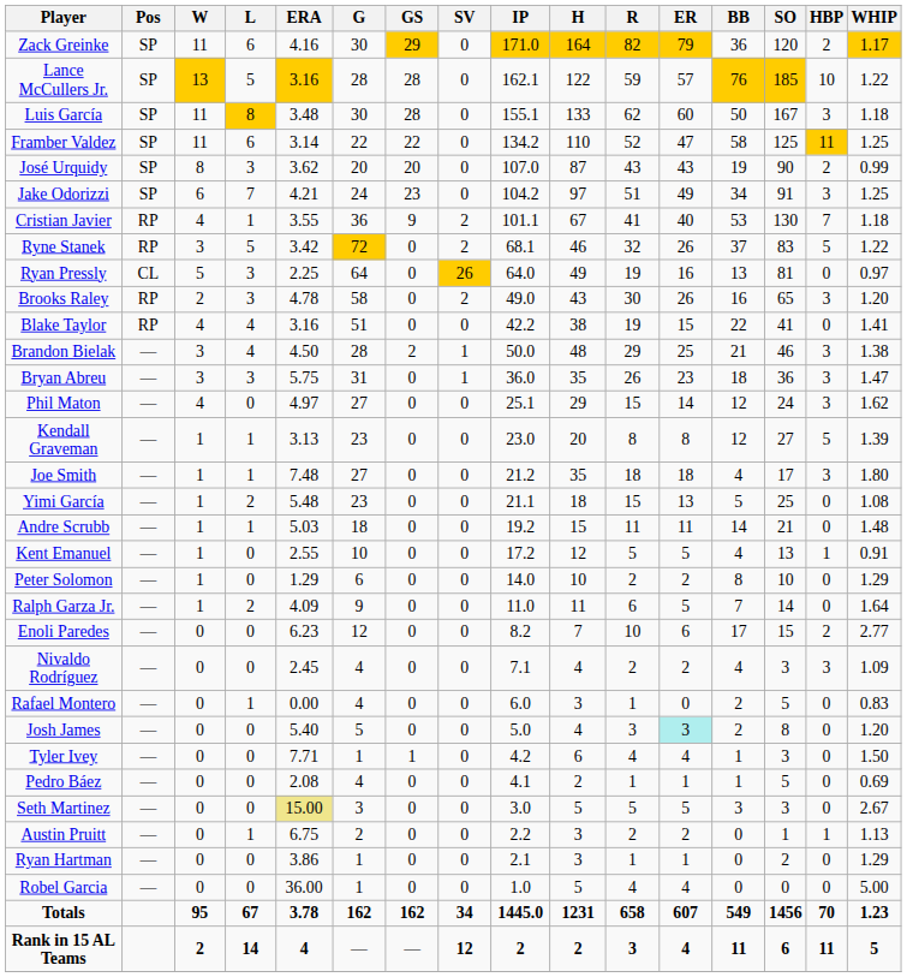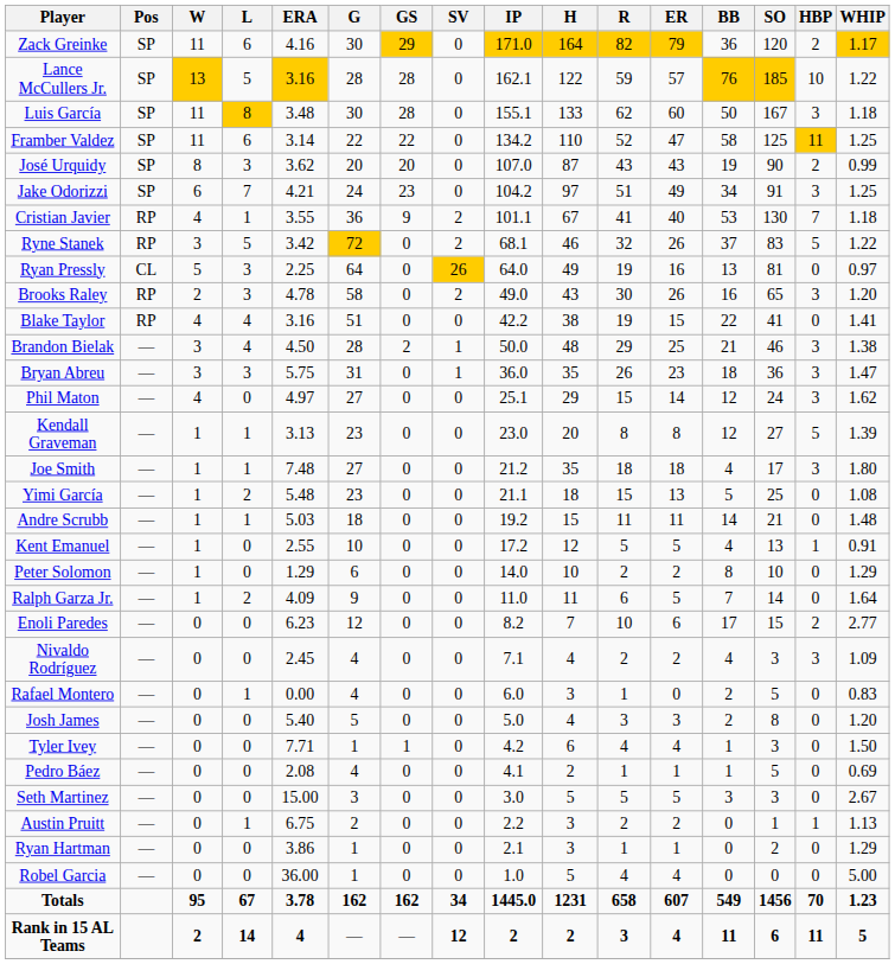 <table class=wikitable style="text-align:center">
 <tr>
 <th bgcolor=#DDDDFF; width=15%>Player</th>
 <th bgcolor=#DDDDFF; width=7%>Pos</th>
 <th bgcolor=#DDDDFF; width=7%>W</th>
 <th bgcolor=#DDDDFF; width=7%>L</th>
 <th bgcolor=#DDDDFF; width=7%>ERA</th>
 <th bgcolor=#DDDDFF; width=7%>G</th>
 <th bgcolor=#DDDDFF; width=7%>GS</th>
 <th bgcolor=#DDDDFF; width=7%>SV</th>
 <th bgcolor=#DDDDFF; width=7%>IP</th>
 <th bgcolor=#DDDDFF; width=7%>H</th>
 <th bgcolor=#DDDDFF; width=7%>R</th>
 <th bgcolor=#DDDDFF; width=7%>ER</th>
 <th bgcolor=#DDDDFF; width=7%>BB</th>
 <th bgcolor=#DDDDFF; width=7%>SO</th>
 <th bgcolor=#DDDDFF; width=7%>HBP</th>
 <th bgcolor=#DDDDFF; width=7%>WHIP</th>
 </tr>
 <tr>
 <td><a href='#'>Zack Greinke</a></td>
 <td>SP</td>
 <td>11</td>
 <td>6</td>
 <td>4.16</td>
 <td>30</td>
 <td bgcolor=#ffcc00>29</td>
 <td>0</td>
 <td bgcolor=#ffcc00>171.0</td>
 <td bgcolor=#ffcc00>164</td>
 <td bgcolor=#ffcc00>82</td>
 <td bgcolor=#ffcc00>79</td>
 <td>36</td>
 <td>120</td>
 <td>2</td>
 <td bgcolor=#ffcc00>1.17</td>
 </tr>
 <tr>
 <td><a href='#'>Lance McCullers Jr.</a></td>
 <td>SP</td>
 <td bgcolor=#ffcc00>13</td>
 <td>5</td>
 <td bgcolor=ffcc00>3.16</td>
 <td>28</td>
 <td>28</td>
 <td>0</td>
 <td>162.1</td>
 <td>122</td>
 <td>59</td>
 <td>57</td>
 <td bgcolor=#ffcc00>76</td>
 <td bgcolor=#ffcc00>185</td>
 <td>10</td>
 <td>1.22</td>
 </tr>
 <tr>
 <td><a href='#'>Luis García</a></td>
 <td>SP</td>
 <td>11</td>
 <td bgcolor=ffcc00>8</td>
 <td>3.48</td>
 <td>30</td>
 <td>28</td>
 <td>0</td>
 <td>155.1</td>
 <td>133</td>
 <td>62</td>
 <td>60</td>
 <td>50</td>
 <td>167</td>
 <td>3</td>
 <td>1.18</td>
 </tr>
 <tr>
 <td><a href='#'>Framber Valdez</a></td>
 <td>SP</td>
 <td>11</td>
 <td>6</td>
 <td>3.14</td>
 <td>22</td>
 <td>22</td>
 <td>0</td>
 <td>134.2</td>
 <td>110</td>
 <td>52</td>
 <td>47</td>
 <td>58</td>
 <td>125</td>
 <td bgcolor=#ffcc00>11</td>
 <td>1.25</td>
 </tr>
 <tr>
 <td><a href='#'>José Urquidy</a></td>
 <td>SP</td>
 <td>8</td>
 <td>3</td>
 <td>3.62</td>
 <td>20</td>
 <td>20</td>
 <td>0</td>
 <td>107.0</td>
 <td>87</td>
 <td>43</td>
 <td>43</td>
 <td>19</td>
 <td>90</td>
 <td>2</td>
 <td>0.99</td>
 </tr>
 <tr>
 <td><a href='#'>Jake Odorizzi</a></td>
 <td>SP</td>
 <td>6</td>
 <td>7</td>
 <td>4.21</td>
 <td>24</td>
 <td>23</td>
 <td>0</td>
 <td>104.2</td>
 <td>97</td>
 <td>51</td>
 <td>49</td>
 <td>34</td>
 <td>91</td>
 <td>3</td>
 <td>1.25</td>
 </tr>
 <tr>
 <td><a href='#'>Cristian Javier</a></td>
 <td>RP</td>
 <td>4</td>
 <td>1</td>
 <td>3.55</td>
 <td>36</td>
 <td>9</td>
 <td>2</td>
 <td>101.1</td>
 <td>67</td>
 <td>41</td>
 <td>40</td>
 <td>53</td>
 <td>130</td>
 <td>7</td>
 <td>1.18</td>
 </tr>
 <tr>
 <td><a href='#'>Ryne Stanek</a></td>
 <td>RP</td>
 <td>3</td>
 <td>5</td>
 <td>3.42</td>
 <td bgcolor=#ffcc00>72</td>
 <td>0</td>
 <td>2</td>
 <td>68.1</td>
 <td>46</td>
 <td>32</td>
 <td>26</td>
 <td>37</td>
 <td>83</td>
 <td>5</td>
 <td>1.22</td>
 </tr>
 <tr>
 <td><a href='#'>Ryan Pressly</a></td>
 <td>CL</td>
 <td>5</td>
 <td>3</td>
 <td>2.25</td>
 <td>64</td>
 <td>0</td>
 <td bgcolor=#ffcc00>26</td>
 <td>64.0</td>
 <td>49</td>
 <td>19</td>
 <td>16</td>
 <td>13</td>
 <td>81</td>
 <td>0</td>
 <td>0.97</td>
 </tr>
 <tr>
 <td><a href='#'>Brooks Raley</a></td>
 <td>RP</td>
 <td>2</td>
 <td>3</td>
 <td>4.78</td>
 <td>58</td>
 <td>0</td>
 <td>2</td>
 <td>49.0</td>
 <td>43</td>
 <td>30</td>
 <td>26</td>
 <td>16</td>
 <td>65</td>
 <td>3</td>
 <td>1.20</td>
 </tr>
 <tr>
 <td><a href='#'>Blake Taylor</a></td>
 <td>RP</td>
 <td>4</td>
 <td>4</td>
 <td>3.16</td>
 <td>51</td>
 <td>0</td>
 <td>0</td>
 <td>42.2</td>
 <td>38</td>
 <td>19</td>
 <td>15</td>
 <td>22</td>
 <td>41</td>
 <td>0</td>
 <td>1.41</td>
 </tr>
 <tr>
 <td><a href='#'>Brandon Bielak</a></td>
 <td>—</td>
 <td>3</td>
 <td>4</td>
 <td>4.50</td>
 <td>28</td>
 <td>2</td>
 <td>1</td>
 <td>50.0</td>
 <td>48</td>
 <td>29</td>
 <td>25</td>
 <td>21</td>
 <td>46</td>
 <td>3</td>
 <td>1.38</td>
 </tr>
 <tr>
 <td><a href='#'>Bryan Abreu</a></td>
 <td>—</td>
 <td>3</td>
 <td>3</td>
 <td>5.75</td>
 <td>31</td>
 <td>0</td>
 <td>1</td>
 <td>36.0</td>
 <td>35</td>
 <td>26</td>
 <td>23</td>
 <td>18</td>
 <td>36</td>
 <td>3</td>
 <td>1.47</td>
 </tr>
 <tr>
 <td><a href='#'>Phil Maton</a></td>
 <td>—</td>
 <td>4</td>
 <td>0</td>
 <td>4.97</td>
 <td>27</td>
 <td>0</td>
 <td>0</td>
 <td>25.1</td>
 <td>29</td>
 <td>15</td>
 <td>14</td>
 <td>12</td>
 <td>24</td>
 <td>3</td>
 <td>1.62</td>
 </tr>
 <tr>
 <td><a href='#'>Kendall Graveman</a></td>
 <td>—</td>
 <td>1</td>
 <td>1</td>
 <td>3.13</td>
 <td>23</td>
 <td>0</td>
 <td>0</td>
 <td>23.0</td>
 <td>20</td>
 <td>8</td>
 <td>8</td>
 <td>12</td>
 <td>27</td>
 <td>5</td>
 <td>1.39</td>
 </tr>
 <tr>
 <td><a href='#'>Joe Smith</a></td>
 <td>—</td>
 <td>1</td>
 <td>1</td>
 <td>7.48</td>
 <td>27</td>
 <td>0</td>
 <td>0</td>
 <td>21.2</td>
 <td>35</td>
 <td>18</td>
 <td>18</td>
 <td>4</td>
 <td>17</td>
 <td>3</td>
 <td>1.80</td>
 </tr>
 <tr>
 <td><a href='#'>Yimi García</a></td>
 <td>—</td>
 <td>1</td>
 <td>2</td>
 <td>5.48</td>
 <td>23</td>
 <td>0</td>
 <td>0</td>
 <td>21.1</td>
 <td>18</td>
 <td>15</td>
 <td>13</td>
 <td>5</td>
 <td>25</td>
 <td>0</td>
 <td>1.08</td>
 </tr>
 <tr>
 <td><a href='#'>Andre Scrubb</a></td>
 <td>—</td>
 <td>1</td>
 <td>1</td>
 <td>5.03</td>
 <td>18</td>
 <td>0</td>
 <td>0</td>
 <td>19.2</td>
 <td>15</td>
 <td>11</td>
 <td>11</td>
 <td>14</td>
 <td>21</td>
 <td>0</td>
 <td>1.48</td>
 </tr>
 <tr>
 <td><a href='#'>Kent Emanuel</a></td>
 <td>—</td>
 <td>1</td>
 <td>0</td>
 <td>2.55</td>
 <td>10</td>
 <td>0</td>
 <td>0</td>
 <td>17.2</td>
 <td>12</td>
 <td>5</td>
 <td>5</td>
 <td>4</td>
 <td>13</td>
 <td>1</td>
 <td>0.91</td>
 </tr>
 <tr>
 <td><a href='#'>Peter Solomon</a></td>
 <td>—</td>
 <td>1</td>
 <td>0</td>
 <td>1.29</td>
 <td>6</td>
 <td>0</td>
 <td>0</td>
 <td>14.0</td>
 <td>10</td>
 <td>2</td>
 <td>2</td>
 <td>8</td>
 <td>10</td>
 <td>0</td>
 <td>1.29</td>
 </tr>
 <tr>
 <td><a href='#'>Ralph Garza Jr.</a></td>
 <td>—</td>
 <td>1</td>
 <td>2</td>
 <td>4.09</td>
 <td>9</td>
 <td>0</td>
 <td>0</td>
 <td>11.0</td>
 <td>11</td>
 <td>6</td>
 <td>5</td>
 <td>7</td>
 <td>14</td>
 <td>0</td>
 <td>1.64</td>
 </tr>
 <tr>
 <td><a href='#'>Enoli Paredes</a></td>
 <td>—</td>
 <td>0</td>
 <td>0</td>
 <td>6.23</td>
 <td>12</td>
 <td>0</td>
 <td>0</td>
 <td>8.2</td>
 <td>7</td>
 <td>10</td>
 <td>6</td>
 <td>17</td>
 <td>15</td>
 <td>2</td>
 <td>2.77</td>
 </tr>
 <tr>
 <td><a href='#'>Nivaldo Rodríguez</a></td>
 <td>—</td>
 <td>0</td>
 <td>0</td>
 <td>2.45</td>
 <td>4</td>
 <td>0</td>
 <td>0</td>
 <td>7.1</td>
 <td>4</td>
 <td>2</td>
 <td>2</td>
 <td>4</td>
 <td>3</td>
 <td>3</td>
 <td>1.09</td>
 </tr>
 <tr>
 <td><a href='#'>Rafael Montero</a></td>
 <td>—</td>
 <td>0</td>
 <td>1</td>
 <td>0.00</td>
 <td>4</td>
 <td>0</td>
 <td>0</td>
 <td>6.0</td>
 <td>3</td>
 <td>1</td>
 <td>0</td>
 <td>2</td>
 <td>5</td>
 <td>0</td>
 <td>0.83</td>
 </tr>
 <tr>
 <td><a href='#'>Josh James</a></td>
 <td>—</td>
 <td>0</td>
 <td>0</td>
 <td>5.40</td>
 <td>5</td>
 <td>0</td>
 <td>0</td>
 <td>5.0</td>
 <td>4</td>
 <td>3</td>
-<td style="background: paleturquoise;">3</td>
+<td>3</td>
 <td>2</td>
 <td>8</td>
 <td>0</td>
 <td>1.20</td>
 </tr>
 <tr>
 <td><a href='#'>Tyler Ivey</a></td>
 <td>—</td>
 <td>0</td>
 <td>0</td>
 <td>7.71</td>
 <td>1</td>
 <td>1</td>
 <td>0</td>
 <td>4.2</td>
 <td>6</td>
 <td>4</td>
 <td>4</td>
 <td>1</td>
 <td>3</td>
 <td>0</td>
 <td>1.50</td>
 </tr>
 <tr>
 <td><a href='#'>Pedro Báez</a></td>
 <td>—</td>
 <td>0</td>
 <td>0</td>
 <td>2.08</td>
 <td>4</td>
 <td>0</td>
 <td>0</td>
 <td>4.1</td>
 <td>2</td>
 <td>1</td>
 <td>1</td>
 <td>1</td>
 <td>5</td>
 <td>0</td>
 <td>0.69</td>
 </tr>
 <tr>
 <td><a href='#'>Seth Martinez</a></td>
 <td>—</td>
 <td>0</td>
 <td>0</td>
-<td style="background: khaki;">15.00</td>
+<td>15.00</td>
 <td>3</td>
 <td>0</td>
 <td>0</td>
 <td>3.0</td>
 <td>5</td>
 <td>5</td>
 <td>5</td>
 <td>3</td>
 <td>3</td>
 <td>0</td>
 <td>2.67</td>
 </tr>
 <tr>
 <td><a href='#'>Austin Pruitt</a></td>
 <td>—</td>
 <td>0</td>
 <td>1</td>
 <td>6.75</td>
 <td>2</td>
 <td>0</td>
 <td>0</td>
 <td>2.2</td>
 <td>3</td>
 <td>2</td>
 <td>2</td>
 <td>0</td>
 <td>1</td>
 <td>1</td>
 <td>1.13</td>
 </tr>
 <tr>
 <td><a href='#'>Ryan Hartman</a></td>
 <td>—</td>
 <td>0</td>
 <td>0</td>
 <td>3.86</td>
 <td>1</td>
 <td>0</td>
 <td>0</td>
 <td>2.1</td>
 <td>3</td>
 <td>1</td>
 <td>1</td>
 <td>0</td>
 <td>2</td>
 <td>0</td>
 <td>1.29</td>
 </tr>
 <tr>
 <td><a href='#'>Robel Garcia</a></td>
 <td>—</td>
 <td>0</td>
 <td>0</td>
 <td>36.00</td>
 <td>1</td>
 <td>0</td>
 <td>0</td>
 <td>1.0</td>
 <td>5</td>
 <td>4</td>
 <td>4</td>
 <td>0</td>
 <td>0</td>
 <td>0</td>
 <td>5.00</td>
 </tr>
 <tr>
 <td><strong>Totals</strong></td>
 <td></td>
 <td><strong>95</strong></td>
 <td><strong>67</strong></td>
 <td><strong>3.78</strong></td>
 <td><strong>162</strong></td>
 <td><strong>162</strong></td>
 <td><strong>34</strong></td>
 <td><strong>1445.0</strong></td>
 <td><strong>1231</strong></td>
 <td><strong>658</strong></td>
 <td><strong>607</strong></td>
 <td><strong>549</strong></td>
 <td><strong>1456</strong></td>
 <td><strong>70</strong></td>
 <td><strong>1.23</strong></td>
 </tr>
 <tr>
 <td><strong>Rank in 15 AL Teams</strong></td>
 <td></td>
 <td><strong>2</strong></td>
 <td><strong>14</strong></td>
 <td><strong>4</strong></td>
 <td>—</td>
 <td>—</td>
 <td><strong>12</strong></td>
 <td><strong>2</strong></td>
 <td><strong>2</strong></td>
 <td><strong>3</strong></td>
 <td><strong>4</strong></td>
 <td><strong>11</strong></td>
 <td><strong>6</strong></td>
 <td><strong>11</strong></td>
 <td><strong>5</strong></td>
 </tr>
 <tr>
 </tr>
 </table>
